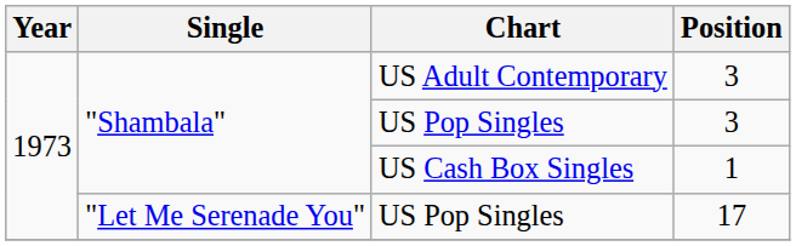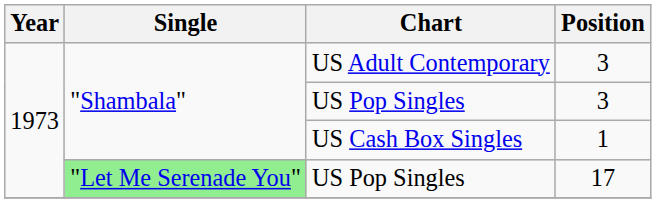 <table class="wikitable">
 <tr>
 <th>Year</th>
 <th>Single</th>
 <th>Chart</th>
 <th>Position</th>
 </tr>
 <tr>
 <td rowspan="4">1973</td>
 <td rowspan="3">"<a href='#'>Shambala</a>"</td>
 <td>US <a href='#'>Adult Contemporary</a></td>
 <td align="center">3 </td>
 </tr>
 <tr>
 <td>US <a href='#'>Pop Singles</a></td>
 <td align="center">3</td>
 </tr>
 <tr>
 <td>US <a href='#'>Cash Box Singles</a></td>
 <td align="center">1 </td>
 </tr>
 <tr>
-<td>"<a href='#'>Let Me Serenade You</a>"</td>
+<td style="background: lightgreen;">"<a href='#'>Let Me Serenade You</a>"</td>
 <td>US Pop Singles</td>
 <td align="center">17 </td>
 </tr>
 <tr>
 </tr>
 </table>
